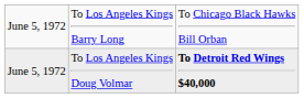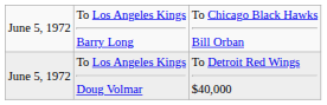 <table class="wikitable">
 <tr>
 <td>June 5, 1972</td>
 <td valign="top">To <a href='#'>Los Angeles Kings</a><hr><a href='#'>Barry Long</a></td>
 <td valign="top">To <a href='#'>Chicago Black Hawks</a><hr><a href='#'>Bill Orban</a></td>
 </tr>
 <tr style="background:#eee;">
 <td>June 5, 1972</td>
 <td valign="top">To <a href='#'>Los Angeles Kings</a><hr><a href='#'>Doug Volmar</a></td>
-<td valign="top"><strong>To <a href='#'>Detroit Red Wings</a><hr>$40,000</strong></td>
+<td valign="top">To <a href='#'>Detroit Red Wings</a><hr>$40,000</td>
 </tr>
 </table>
